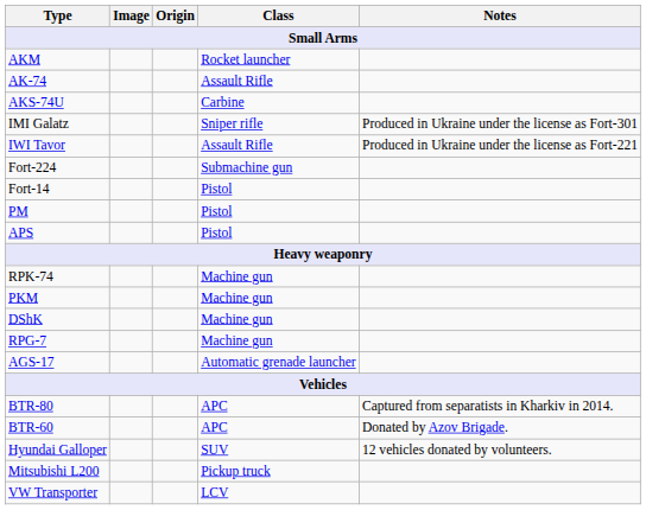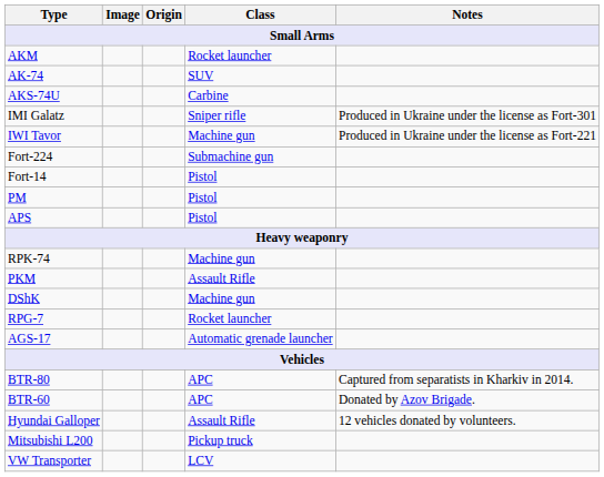 <table class="wikitable">
 <tr>
 <th>Type</th>
 <th>Image</th>
 <th>Origin</th>
 <th>Class</th>
 <th>Notes</th>
 </tr>
 <tr>
 <th colspan="6" style="align: center; background: lavender;">Small Arms</th>
 </tr>
 <tr>
 <td><a href='#'>AKM</a></td>
 <td></td>
 <td></td>
 <td><a href='#'>Rocket launcher</a></td>
 <td></td>
 </tr>
 <tr>
 <td><a href='#'>AK-74</a></td>
 <td></td>
 <td></td>
-<td><a href='#'>Assault Rifle</a></td>
+<td><a href='#'>SUV</a></td>
 <td></td>
 </tr>
 <tr>
 <td><a href='#'>AKS-74U</a></td>
 <td></td>
 <td></td>
 <td><a href='#'>Carbine</a></td>
 <td></td>
 </tr>
 <tr>
 <td>IMI Galatz</td>
 <td></td>
 <td></td>
 <td><a href='#'>Sniper rifle</a></td>
 <td>Produced in Ukraine under the license as Fort-301</td>
 </tr>
 <tr>
 <td><a href='#'>IWI Tavor</a></td>
 <td></td>
 <td></td>
-<td><a href='#'>Assault Rifle</a></td>
+<td><a href='#'>Machine gun</a></td>
 <td>Produced in Ukraine under the license as Fort-221</td>
 </tr>
 <tr>
 <td>Fort-224</td>
 <td></td>
 <td></td>
 <td><a href='#'>Submachine gun</a></td>
 <td></td>
 </tr>
 <tr>
 <td>Fort-14</td>
 <td></td>
 <td></td>
 <td><a href='#'>Pistol</a></td>
 <td></td>
 </tr>
 <tr>
 <td><a href='#'>PM</a></td>
 <td></td>
 <td></td>
 <td><a href='#'>Pistol</a></td>
 <td></td>
 </tr>
 <tr>
 <td><a href='#'>APS</a></td>
 <td></td>
 <td></td>
 <td><a href='#'>Pistol</a></td>
 <td></td>
 </tr>
 <tr>
 <th colspan="6" style="align: center; background: lavender;">Heavy weaponry</th>
 </tr>
 <tr>
 <td>RPK-74</td>
 <td></td>
 <td></td>
 <td><a href='#'>Machine gun</a></td>
 <td></td>
 </tr>
 <tr>
 <td><a href='#'>PKM</a></td>
 <td></td>
 <td></td>
-<td><a href='#'>Machine gun</a></td>
+<td><a href='#'>Assault Rifle</a></td>
 <td></td>
 </tr>
 <tr>
 <td><a href='#'>DShK</a></td>
 <td></td>
 <td></td>
 <td><a href='#'>Machine gun</a></td>
 <td></td>
 </tr>
 <tr>
 <td><a href='#'>RPG-7</a></td>
 <td></td>
 <td></td>
-<td><a href='#'>Machine gun</a></td>
+<td><a href='#'>Rocket launcher</a></td>
 <td></td>
 </tr>
 <tr>
 <td><a href='#'>AGS-17</a></td>
 <td></td>
 <td></td>
 <td><a href='#'>Automatic grenade launcher</a></td>
 <td></td>
 </tr>
 <tr>
 <th colspan="6" style="align: center; background: lavender;">Vehicles</th>
 </tr>
 <tr>
 <td><a href='#'>BTR-80</a></td>
 <td></td>
 <td></td>
 <td><a href='#'>APC</a></td>
 <td>Captured from separatists in Kharkiv in 2014.</td>
 </tr>
 <tr>
 <td><a href='#'>BTR-60</a></td>
 <td></td>
 <td></td>
 <td><a href='#'>APC</a></td>
 <td>Donated by <a href='#'>Azov Brigade</a>.</td>
 </tr>
 <tr>
 <td><a href='#'>Hyundai Galloper</a></td>
 <td></td>
 <td></td>
-<td><a href='#'>SUV</a></td>
+<td><a href='#'>Assault Rifle</a></td>
 <td>12 vehicles donated by volunteers.</td>
 </tr>
 <tr>
 <td><a href='#'>Mitsubishi L200</a></td>
 <td></td>
 <td></td>
 <td><a href='#'>Pickup truck</a></td>
 <td></td>
 </tr>
 <tr>
 <td><a href='#'>VW Transporter</a></td>
 <td></td>
 <td></td>
 <td><a href='#'>LCV</a></td>
 <td></td>
 </tr>
 </table>
